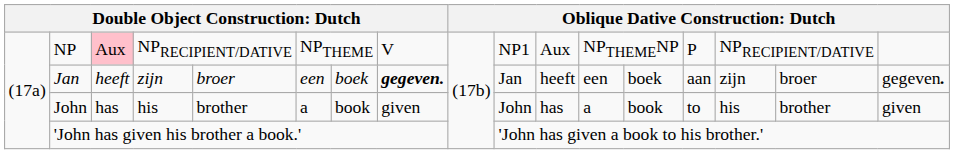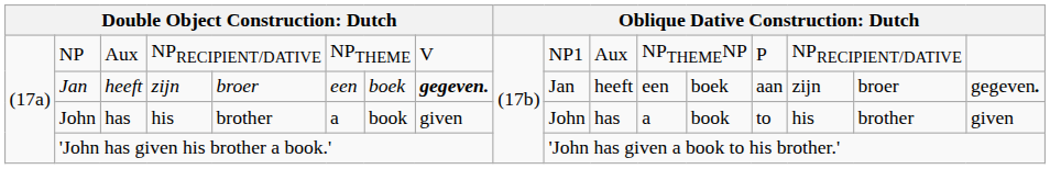 <table class="wikitable">
 <tr>
 <th colspan="8">Double Object Construction: Dutch</th>
 <th colspan="9">Oblique Dative Construction: Dutch</th>
 </tr>
 <tr>
 <td rowspan="4">(17a)</td>
 <td>NP</td>
-<td style="background: pink;">Aux</td>
+<td>Aux</td>
 <td colspan="2">NP<sub>RECIPIENT/DATIVE</sub></td>
 <td colspan="2">NP<sub>THEME</sub></td>
 <td>V</td>
 <td rowspan="4">(17b)</td>
 <td>NP1</td>
 <td>Aux</td>
 <td colspan="2">NP<sub>THEME</sub>NP</td>
 <td>P</td>
 <td colspan="2">NP<sub>RECIPIENT/DATIVE</sub></td>
 <td></td>
 </tr>
 <tr>
 <td><em>Jan</em></td>
 <td><em>heeft</em></td>
 <td><em>zijn</em></td>
 <td><em>broer</em></td>
 <td><em>een</em></td>
 <td><em>boek</em></td>
 <td><strong><em>gegeven<strong>.<em></td>
 <td></em>Jan<em></td>
 <td></em>heeft<em></td>
 <td></em>een<em></td>
 <td></em>boek<em></td>
 <td></em>aan<em></td>
 <td></em>zijn<em></td>
 <td></em>broer<em></td>
 <td></em></strong>gegeven<strong><em>.</td>
 </tr>
 <tr>
 <td>John</td>
 <td>has</td>
 <td>his</td>
 <td>brother</td>
 <td>a</td>
 <td>book</td>
 <td>given</td>
 <td>John</td>
 <td>has</td>
 <td>a</td>
 <td>book</td>
 <td>to</td>
 <td>his</td>
 <td>brother</td>
 <td>given</td>
 </tr>
 <tr>
 <td colspan="7">'John has given his brother a book.'</td>
 <td colspan="8">'John has given a book to his brother.'</td>
 </tr>
 </table>
